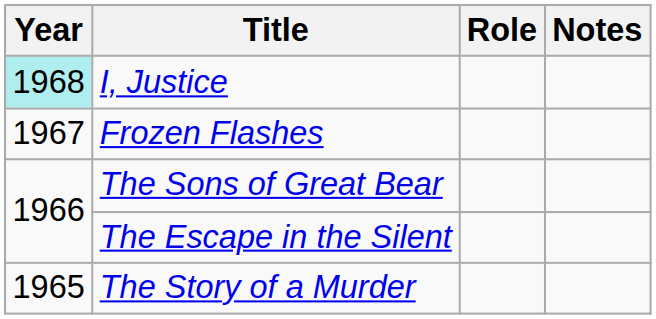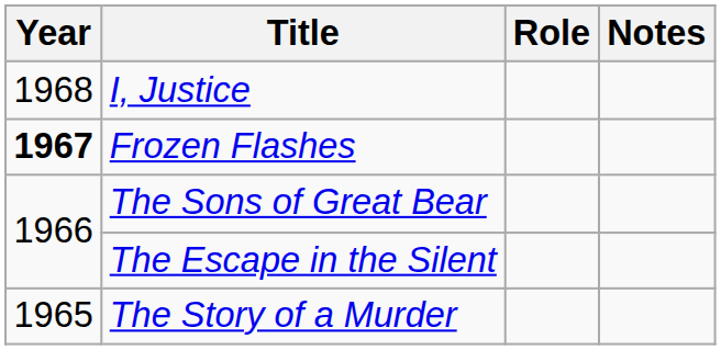 <table class="wikitable sortable">
 <tr>
 <th>Year</th>
 <th>Title</th>
 <th>Role</th>
 <th class="unsortable">Notes</th>
 </tr>
 <tr>
-<td style="background: paleturquoise;">1968</td>
+<td>1968</td>
 <td><em><a href='#'>I, Justice</a></em></td>
 <td></td>
 <td></td>
 </tr>
 <tr>
-<td>1967</td>
+<td><strong>1967</strong></td>
 <td><em><a href='#'>Frozen Flashes</a></em></td>
 <td></td>
 <td></td>
 </tr>
 <tr>
 <td rowspan=2>1966</td>
 <td><em><a href='#'>The Sons of Great Bear</a></em></td>
 <td></td>
 <td></td>
 </tr>
 <tr>
 <td><em><a href='#'>The Escape in the Silent</a></em></td>
 <td></td>
 <td></td>
 </tr>
 <tr>
 <td>1965</td>
 <td><em><a href='#'>The Story of a Murder</a></em></td>
 <td></td>
 <td></td>
 </tr>
 </table>
